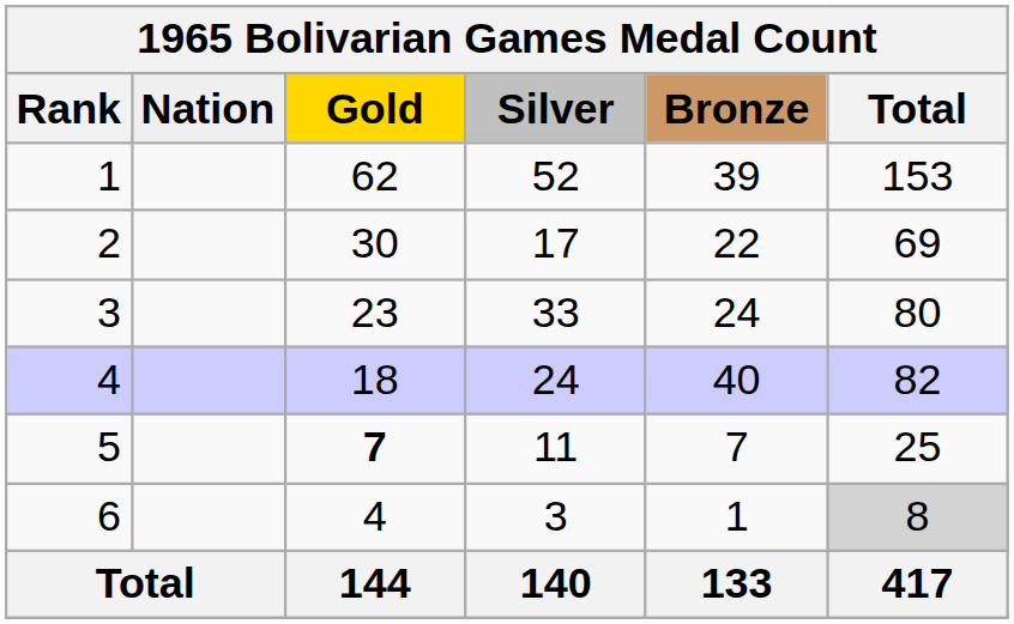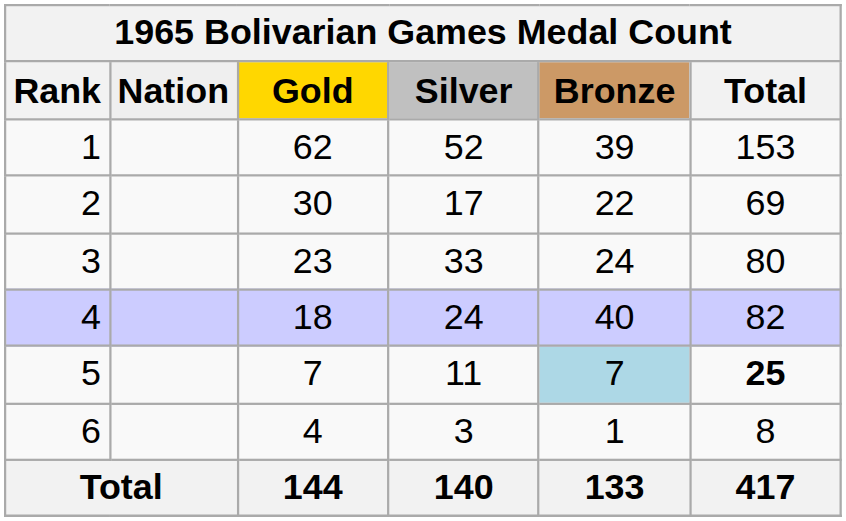 <table class="wikitable" border="2" style="text-align:center">
 <tr>
 <th colspan=6>1965 Bolivarian Games Medal Count</th>
 </tr>
 <tr bgcolor="#efefef">
 <th>Rank</th>
 <td align=left><strong>Nation</strong></td>
 <td bgcolor="gold" align=center width=60><strong>Gold</strong></td>
 <td bgcolor="silver" align=center width=60><strong>Silver</strong></td>
 <td bgcolor="CC9966" align=center width=60><strong>Bronze</strong></td>
 <th width=60>Total</th>
 </tr>
 <tr>
 <td align=right>1</td>
 <td align=left></td>
 <td>62</td>
 <td>52</td>
 <td>39</td>
 <td>153</td>
 </tr>
 <tr>
 <td align=right>2</td>
 <td align=left></td>
 <td>30</td>
 <td>17</td>
 <td>22</td>
 <td>69</td>
 </tr>
 <tr>
 <td align=right>3</td>
 <td align=left></td>
 <td>23</td>
 <td>33</td>
 <td>24</td>
 <td>80</td>
 </tr>
 <tr style="background:#ccccff">
 <td align=right>4</td>
 <td align=left></td>
 <td>18</td>
 <td>24</td>
 <td>40</td>
 <td>82</td>
 </tr>
 <tr>
 <td align=right>5</td>
 <td align=left></td>
-<td><strong>7</strong></td>
+<td>7</td>
 <td>11</td>
-<td>7</td>
-<td>25</td>
+<td style="background: lightblue;">7</td>
+<td><strong>25</strong></td>
 </tr>
 <tr>
 <td align=right>6</td>
 <td align=left></td>
 <td>4</td>
 <td>3</td>
 <td>1</td>
-<td style="background: lightgrey;">8</td>
+<td>8</td>
 </tr>
 <tr>
 <th colspan="2">Total</th>
 <th>144</th>
 <th>140</th>
 <th>133</th>
 <th>417</th>
 </tr>
 <tr>
 </tr>
 </table>
